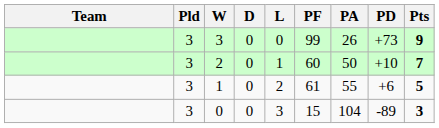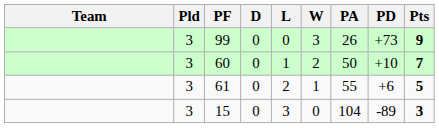 <table class="wikitable" style="text-align:center;">
 <tr>
 <th width=175>Team</th>
 <th width=25 abbr="Played">Pld</th>
-<th width=25 abbr="Won">W</th>
+<th width=32 abbr="Points for">PF</th>
 <th width=25 abbr="Drawn">D</th>
 <th width=25 abbr="Lost">L</th>
-<th width=32 abbr="Points for">PF</th>
+<th width=25 abbr="Won">W</th>
 <th width=32 abbr="Points against">PA</th>
 <th width=32 abbr="Points difference">PD</th>
 <th width=25 abbr="Points">Pts</th>
 </tr>
 <tr bgcolor=ccffcc>
 <td align=left></td>
 <td>3</td>
-<td>3</td>
+<td>99</td>
 <td>0</td>
 <td>0</td>
-<td>99</td>
+<td>3</td>
 <td>26</td>
 <td>+73</td>
 <td><strong>9</strong></td>
 </tr>
 <tr bgcolor=ccffcc>
 <td align=left></td>
 <td>3</td>
-<td>2</td>
+<td>60</td>
 <td>0</td>
 <td>1</td>
-<td>60</td>
+<td>2</td>
 <td>50</td>
 <td>+10</td>
 <td><strong>7</strong></td>
 </tr>
 <tr>
 <td align=left></td>
 <td>3</td>
-<td>1</td>
+<td>61</td>
 <td>0</td>
 <td>2</td>
-<td>61</td>
+<td>1</td>
 <td>55</td>
 <td>+6</td>
 <td><strong>5</strong></td>
 </tr>
 <tr>
 <td align=left></td>
 <td>3</td>
-<td>0</td>
+<td>15</td>
 <td>0</td>
 <td>3</td>
-<td>15</td>
+<td>0</td>
 <td>104</td>
 <td>-89</td>
 <td><strong>3</strong></td>
 </tr>
 </table>
